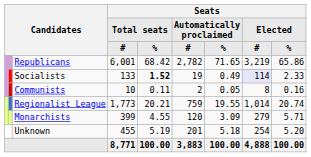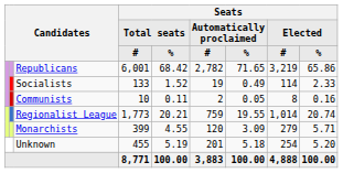 <table class="wikitable">
 <tr>
 <th colspan="3" rowspan="3">Candidates</th>
 <th colspan="6">Seats</th>
 </tr>
 <tr>
 <th colspan="2" style="background-color:#E9E9E9" align="center">Total seats</th>
 <th colspan="2" style="background-color:#E9E9E9" align="center">Automatically<br>proclaimed</th>
 <th colspan="2" style="background-color:#E9E9E9" align="center">Elected</th>
 </tr>
 <tr>
 <th style="background-color:#E9E9E9" align=right>#</th>
 <th style="background-color:#E9E9E9" align=right>%</th>
 <th style="background-color:#E9E9E9" align=right>#</th>
 <th style="background-color:#E9E9E9" align=right>%</th>
 <th style="background-color:#E9E9E9" align=right>#</th>
 <th style="background-color:#E9E9E9" align=right>%</th>
 </tr>
 <tr>
 <td rowspan="3" bgcolor="#d59be3"></td>
 <td style="color:inherit;background:#d59be3"></td>
 <td style="text-align: left;"><a href='#'>Republicans</a></td>
 <td style="text-align: right;">6,001</td>
 <td style="text-align: right;">68.42</td>
 <td style="text-align: right;">2,782</td>
 <td style="text-align: right;">71.65</td>
 <td style="text-align: right;">3,219</td>
 <td style="text-align: right;">65.86</td>
 </tr>
 <tr>
 <td style="color:inherit;background:#ff0000"></td>
 <td style="text-align: left;">Socialists</td>
 <td style="text-align: right;">133</td>
-<td style="text-align: right;"><strong>1.52</strong></td>
+<td style="text-align: right;">1.52</td>
 <td style="text-align: right;">19</td>
 <td style="text-align: right;">0.49</td>
-<td style="background: lavender; text-align: right;">114</td>
+<td style="text-align: right;">114</td>
 <td style="text-align: right;">2.33</td>
 </tr>
 <tr>
 <td style="color:inherit;background:#d40000"></td>
 <td style="text-align: left;"><a href='#'>Communists</a></td>
 <td style="text-align: right;">10</td>
 <td style="text-align: right;">0.11</td>
 <td style="text-align: right;">2</td>
 <td style="text-align: right;">0.05</td>
 <td style="text-align: right;">8</td>
 <td style="text-align: right;">0.16</td>
 </tr>
 <tr>
 <td rowspan="2" bgcolor="#e5ff7f"></td>
 <td style="color:inherit;background:#3771c8"></td>
 <td style="text-align: left;"><a href='#'>Regionalist League</a></td>
 <td style="text-align: right;">1,773</td>
 <td style="text-align: right;">20.21</td>
 <td style="text-align: right;">759</td>
 <td style="text-align: right;">19.55</td>
 <td style="text-align: right;">1,014</td>
 <td style="text-align: right;">20.74</td>
 </tr>
 <tr>
 <td style="color:inherit;background:#e5ff7f"></td>
 <td style="text-align: left;"><a href='#'>Monarchists</a></td>
 <td style="text-align: right;">399</td>
 <td style="text-align: right;">4.55</td>
 <td style="text-align: right;">120</td>
 <td style="text-align: right;">3.09</td>
 <td style="text-align: right;">279</td>
 <td style="text-align: right;">5.71</td>
 </tr>
 <tr>
 <td colspan="2"  bgcolor="#ffffff"></td>
 <td style="text-align: left;">Unknown</td>
 <td style="text-align: right;">455</td>
 <td style="text-align: right;">5.19</td>
 <td style="text-align: right;">201</td>
 <td style="text-align: right;">5.18</td>
 <td style="text-align: right;">254</td>
 <td style="text-align: right;">5.20</td>
 </tr>
 <tr>
 <th colspan="3" style="background-color:#E9E9E9"></th>
 <th style="text-align: right;" style="background-color:#E9E9E9">8,771</th>
 <th style="text-align: right;" style="background-color:#E9E9E9">100.00</th>
 <th style="text-align: right;" style="background-color:#E9E9E9">3,883</th>
 <th style="text-align: right;" style="background-color:#E9E9E9">100.00</th>
 <th style="text-align: right;" style="background-color:#E9E9E9">4,888</th>
 <th style="text-align: right;" style="background-color:#E9E9E9">100.00</th>
 </tr>
 </table>
